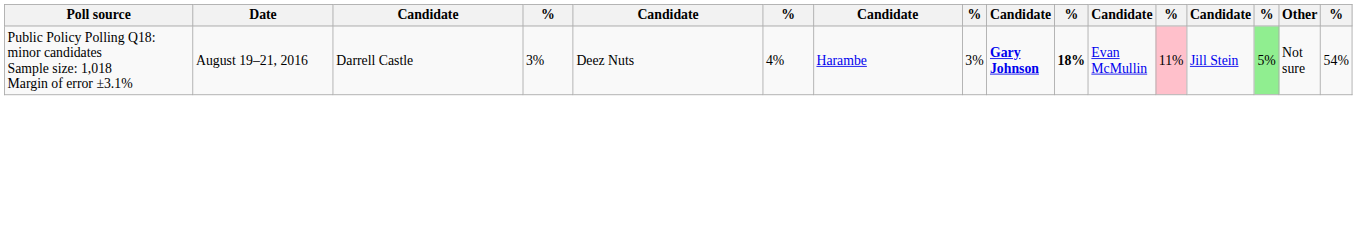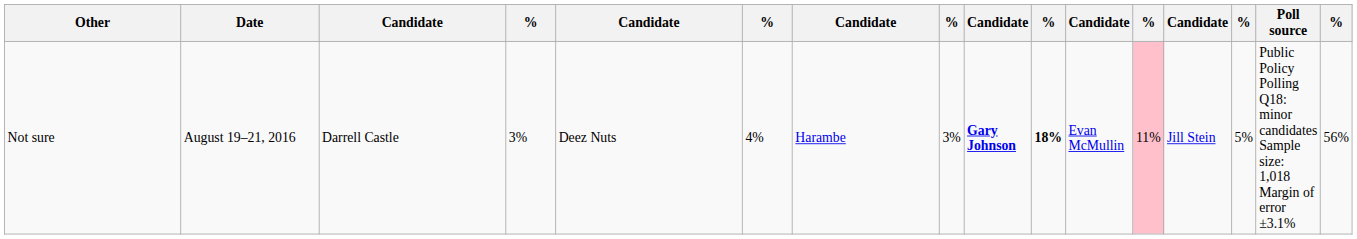 <table class="wikitable">
 <tr style="background:lightgrey;width:100%;">
-<th style="width:20%;">Poll source</th>
+<th style="width:20%;">Other</th>
 <th style="width:15%;">Date</th>
 <th style="width:20%;">Candidate</th>
 <th style="width:5%;">%</th>
 <th style="width:20%;">Candidate</th>
 <th style="width:5%;">%</th>
 <th style="width:20%;">Candidate</th>
 <th style="width:5%;">%</th>
 <th style="width:20%;">Candidate</th>
 <th style="width:5%;">%</th>
 <th style="width:20%;">Candidate</th>
 <th style="width:5%;">%</th>
 <th style="width:20%;">Candidate</th>
 <th style="width:5%;">%</th>
-<th style="width:20%;">Other</th>
+<th style="width:20%;">Poll source</th>
 <th style="width:5%;">%</th>
 </tr>
 <tr>
-<td>Public Policy Polling Q18: minor candidates<br>Sample size: 1,018<br>Margin of error ±3.1%</td>
+<td>Not sure</td>
 <td>August 19–21, 2016</td>
 <td>Darrell Castle</td>
 <td>3%</td>
 <td>Deez Nuts</td>
 <td>4%</td>
 <td><a href='#'>Harambe</a></td>
 <td>3%</td>
 <td><strong><a href='#'>Gary Johnson</a></strong></td>
 <td><strong>18%</strong></td>
 <td><a href='#'>Evan McMullin</a></td>
 <td style="background: pink;">11%</td>
 <td><a href='#'>Jill Stein</a></td>
-<td style="background: lightgreen;">5%</td>
-<td>Not sure</td>
-<td>54%</td>
+<td>5%</td>
+<td>Public Policy Polling Q18: minor candidates<br>Sample size: 1,018<br>Margin of error ±3.1%</td>
+<td>56%</td>
 </tr>
 </table>
